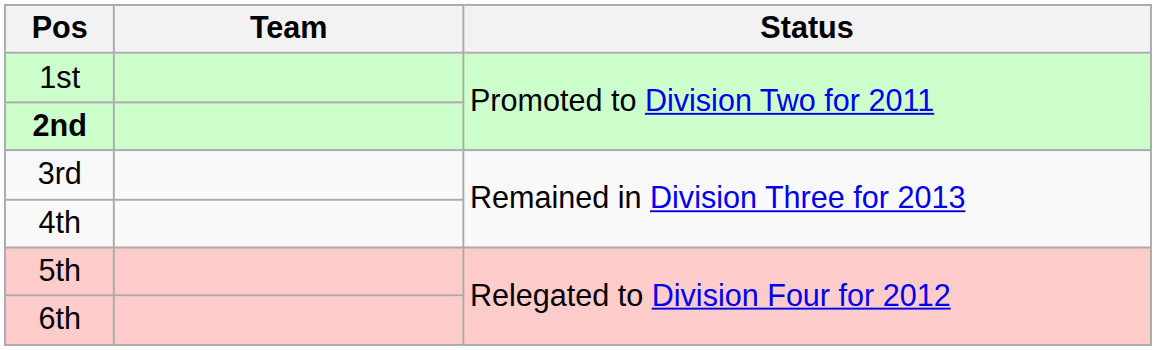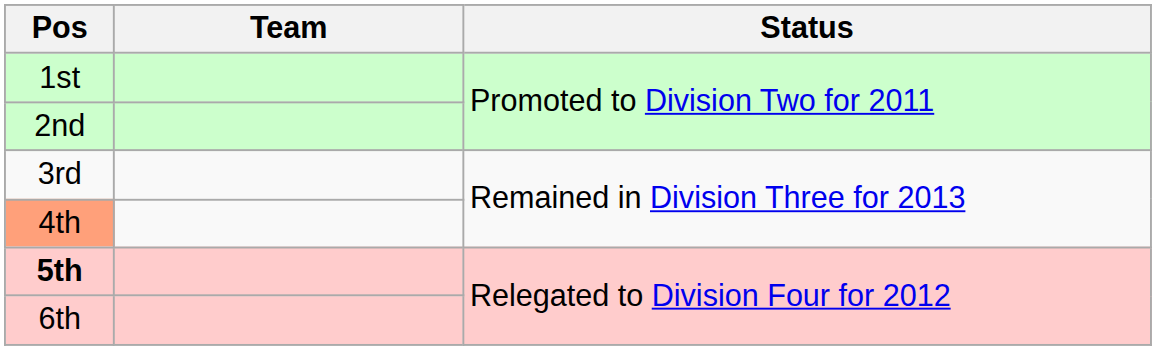 <table class="wikitable">
 <tr>
 <th width=50>Pos</th>
 <th width=175>Team</th>
 <th width=353>Status</th>
 </tr>
 <tr style="background:#cfc">
 <td align="center">1st</td>
 <td></td>
 <td rowspan=2>Promoted to <a href='#'>Division Two for 2011</a></td>
 </tr>
 <tr style="background:#cfc">
-<td align="center"><strong>2nd</strong></td>
+<td align="center">2nd</td>
 <td></td>
 </tr>
 <tr>
 <td align="center">3rd</td>
 <td></td>
 <td rowspan=2>Remained in <a href='#'>Division Three for 2013</a></td>
 </tr>
 <tr>
-<td align="center">4th</td>
+<td align="center" style="background: lightsalmon;">4th</td>
 <td></td>
 </tr>
 <tr style="background:#fcc">
-<td align="center">5th</td>
+<td align="center"><strong>5th</strong></td>
 <td></td>
 <td rowspan=2>Relegated to <a href='#'>Division Four for 2012</a></td>
 </tr>
 <tr style="background:#fcc">
 <td align="center">6th</td>
 <td></td>
 </tr>
 </table>
